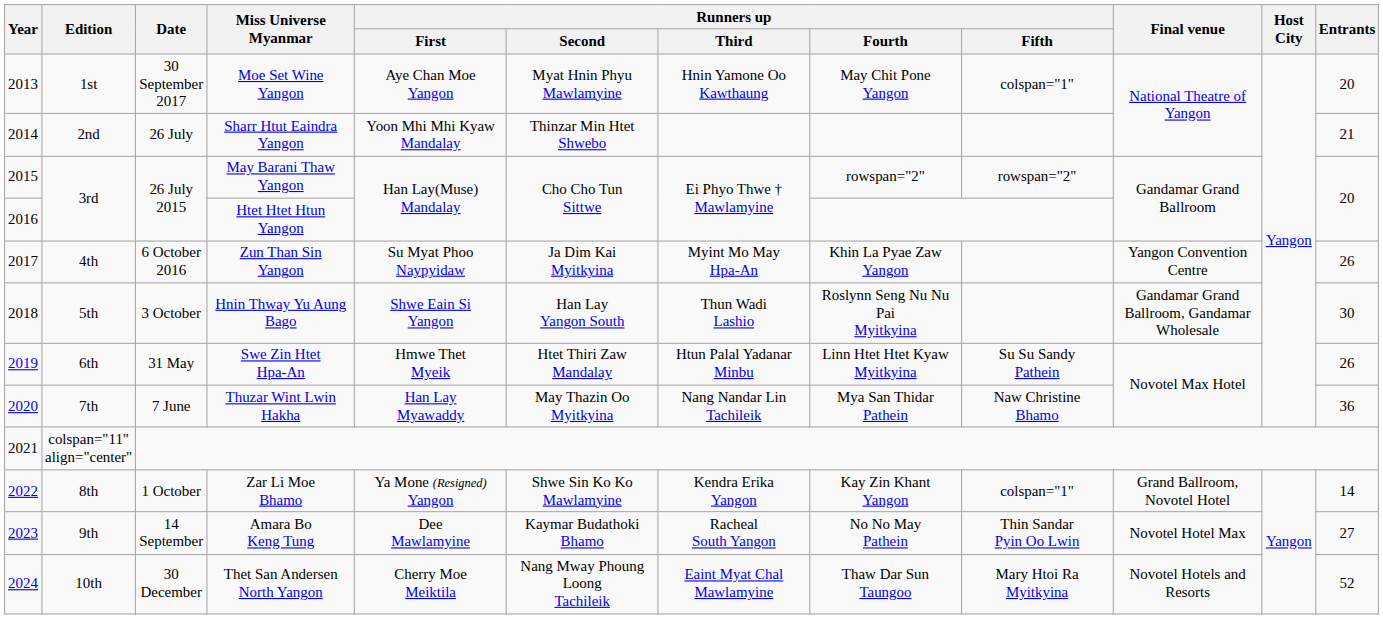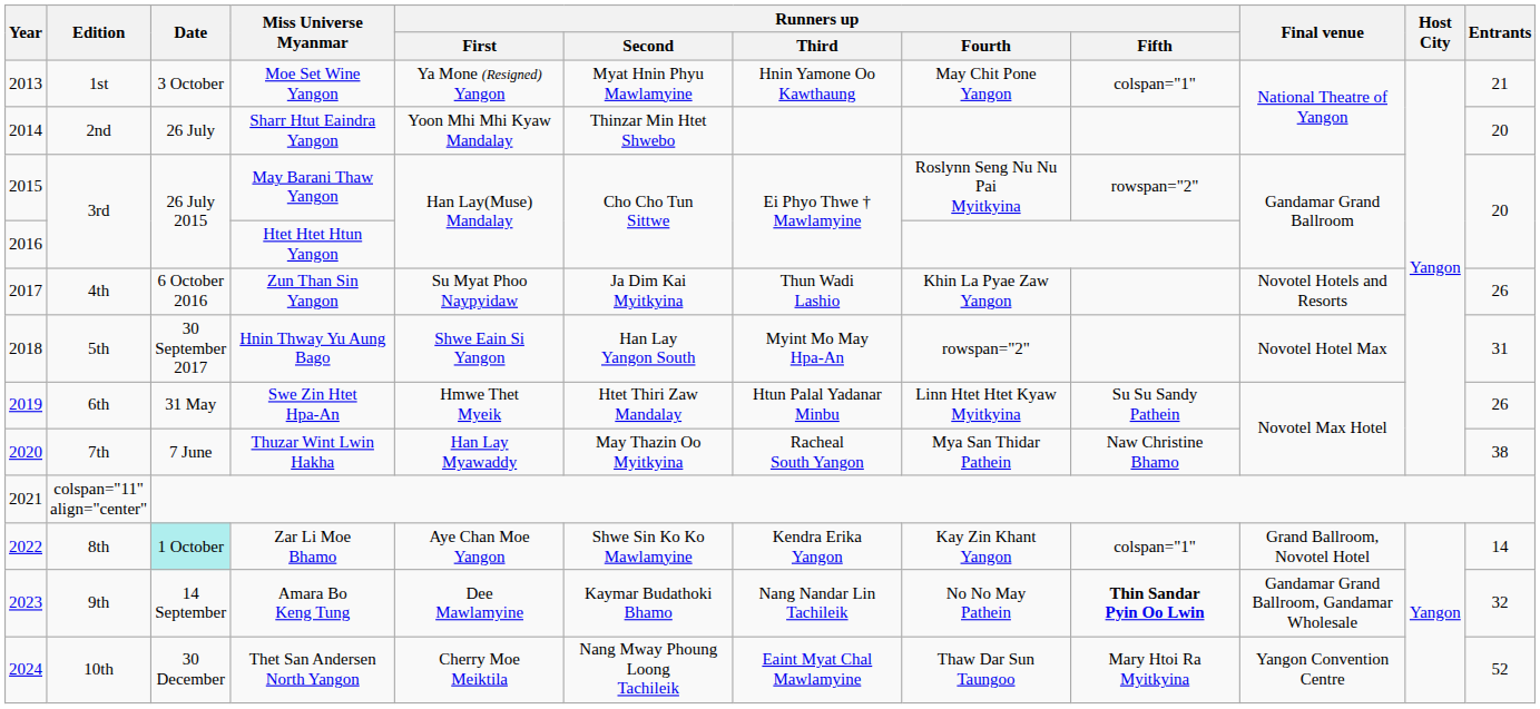 <table class="wikitable" style="font-size: 85%" ;>
 <tr>
 <th rowspan="2">Year</th>
 <th rowspan="2">Edition</th>
 <th rowspan="2">Date</th>
 <th rowspan="2" width="150">Miss Universe Myanmar</th>
 <th colspan="5" width="750">Runners up</th>
 <th rowspan="2" width="150">Final venue</th>
 <th rowspan="2">Host City</th>
 <th rowspan="2">Entrants</th>
 </tr>
 <tr>
 <th width="150">First</th>
 <th width="150">Second</th>
 <th width="150">Third</th>
 <th width="150">Fourth</th>
 <th width="150">Fifth</th>
 </tr>
 <tr style="text-align:center;">
 <td>2013</td>
 <td>1st</td>
-<td>30 September 2017</td>
+<td>3 October</td>
 <td><a href='#'>Moe Set Wine</a><br> <a href='#'>Yangon</a></td>
-<td>Aye Chan Moe<br> <a href='#'>Yangon</a></td>
+<td>Ya Mone <em><small>(Resigned)</small></em><br> <a href='#'>Yangon</a></td>
 <td>Myat Hnin Phyu<br> <a href='#'>Mawlamyine</a></td>
 <td>Hnin Yamone Oo<br> <a href='#'>Kawthaung</a></td>
 <td>May Chit Pone<br> <a href='#'>Yangon</a></td>
 <td>colspan="1" </td>
 <td rowspan="2"><a href='#'>National Theatre of Yangon</a></td>
 <td rowspan="8"> <a href='#'>Yangon</a></td>
-<td>20</td>
+<td>21</td>
 </tr>
 <tr style="text-align:center;">
 <td>2014</td>
 <td>2nd</td>
 <td>26 July</td>
 <td><a href='#'>Sharr Htut Eaindra</a><br> <a href='#'>Yangon</a></td>
 <td>Yoon Mhi Mhi Kyaw<br> <a href='#'>Mandalay</a></td>
 <td>Thinzar Min Htet<br> <a href='#'>Shwebo</a></td>
 <td></td>
 <td></td>
 <td></td>
-<td>21</td>
+<td>20</td>
 </tr>
 <tr style="text-align:center;">
 <td>2015</td>
 <td rowspan="2">3rd</td>
 <td rowspan="2">26 July 2015</td>
 <td><a href='#'>May Barani Thaw</a><br> <a href='#'>Yangon</a></td>
 <td rowspan="2">Han Lay(Muse)<br> <a href='#'>Mandalay</a></td>
 <td rowspan="2">Cho Cho Tun<br> <a href='#'>Sittwe</a></td>
 <td rowspan="2">Ei Phyo Thwe †<br> <a href='#'>Mawlamyine</a></td>
-<td>rowspan="2" </td>
+<td>Roslynn Seng Nu Nu Pai<br> <a href='#'>Myitkyina</a></td>
 <td>rowspan="2" </td>
 <td rowspan="2">Gandamar Grand Ballroom</td>
 <td rowspan="2">20</td>
 </tr>
 <tr style="text-align:center;">
 <td>2016</td>
 <td><a href='#'>Htet Htet Htun</a><br> <a href='#'>Yangon</a></td>
 </tr>
 <tr style="text-align:center;">
 <td>2017</td>
 <td>4th</td>
 <td>6 October 2016</td>
 <td><a href='#'>Zun Than Sin</a><br> <a href='#'>Yangon</a></td>
 <td>Su Myat Phoo<br> <a href='#'>Naypyidaw</a></td>
 <td>Ja Dim Kai<br> <a href='#'>Myitkyina</a></td>
-<td>Myint Mo May<br> <a href='#'>Hpa-An</a></td>
+<td>Thun Wadi<br> <a href='#'>Lashio</a></td>
 <td>Khin La Pyae Zaw<br> <a href='#'>Yangon</a></td>
 <td></td>
-<td>Yangon Convention Centre</td>
+<td>Novotel Hotels and Resorts</td>
 <td>26</td>
 </tr>
 <tr style="text-align:center;">
 <td>2018</td>
 <td>5th</td>
-<td>3 October</td>
+<td>30 September 2017</td>
 <td><a href='#'>Hnin Thway Yu Aung</a><br> <a href='#'>Bago</a></td>
 <td><a href='#'>Shwe Eain Si</a><br> <a href='#'>Yangon</a></td>
 <td>Han Lay<br> <a href='#'>Yangon South</a></td>
-<td>Thun Wadi<br> <a href='#'>Lashio</a></td>
-<td>Roslynn Seng Nu Nu Pai<br> <a href='#'>Myitkyina</a></td>
+<td>Myint Mo May<br> <a href='#'>Hpa-An</a></td>
+<td>rowspan="2" </td>
 <td></td>
-<td>Gandamar Grand Ballroom, Gandamar Wholesale</td>
-<td>30</td>
+<td>Novotel Hotel Max</td>
+<td>31</td>
 </tr>
 <tr style="text-align:center;">
 <td><a href='#'>2019</a></td>
 <td>6th</td>
 <td>31 May</td>
 <td><a href='#'>Swe Zin Htet</a><br> <a href='#'>Hpa-An</a></td>
 <td>Hmwe Thet<br> <a href='#'>Myeik</a></td>
 <td>Htet Thiri Zaw<br> <a href='#'>Mandalay</a></td>
 <td>Htun Palal Yadanar<br> <a href='#'>Minbu</a></td>
 <td>Linn Htet Htet Kyaw<br> <a href='#'>Myitkyina</a></td>
 <td>Su Su Sandy<br> <a href='#'>Pathein</a></td>
 <td rowspan="2">Novotel Max Hotel</td>
 <td>26</td>
 </tr>
 <tr style="text-align:center;">
 <td><a href='#'>2020</a></td>
 <td>7th</td>
 <td>7 June</td>
 <td><a href='#'>Thuzar Wint Lwin</a><br> <a href='#'>Hakha</a></td>
 <td><a href='#'>Han Lay</a><br> <a href='#'>Myawaddy</a></td>
 <td>May Thazin Oo<br> <a href='#'>Myitkyina</a></td>
-<td>Nang Nandar Lin<br> <a href='#'>Tachileik</a></td>
+<td>Racheal<br> <a href='#'>South Yangon</a></td>
 <td>Mya San Thidar<br> <a href='#'>Pathein</a></td>
 <td>Naw Christine<br> <a href='#'>Bhamo</a></td>
-<td>36</td>
+<td>38</td>
 </tr>
 <tr style="text-align:center;">
 <td>2021</td>
 <td>colspan="11" align="center" </td>
 </tr>
 <tr style="text-align:center;">
 <td><a href='#'>2022</a></td>
 <td>8th</td>
-<td>1 October</td>
+<td style="background: paleturquoise;">1 October</td>
 <td>Zar Li Moe<br> <a href='#'>Bhamo</a></td>
-<td>Ya Mone <em><small>(Resigned)</small></em><br> <a href='#'>Yangon</a></td>
+<td>Aye Chan Moe<br> <a href='#'>Yangon</a></td>
 <td>Shwe Sin Ko Ko<br> <a href='#'>Mawlamyine</a></td>
 <td>Kendra Erika<br> <a href='#'>Yangon</a></td>
 <td>Kay Zin Khant<br> <a href='#'>Yangon</a></td>
 <td>colspan="1" </td>
 <td>Grand Ballroom, Novotel Hotel</td>
 <td rowspan="3"> <a href='#'>Yangon</a></td>
 <td>14</td>
 </tr>
 <tr style="text-align:center;">
 <td><a href='#'>2023</a></td>
 <td>9th</td>
 <td>14 September</td>
 <td>Amara Bo<br> <a href='#'>Keng Tung</a></td>
 <td>Dee<br> <a href='#'>Mawlamyine</a></td>
 <td>Kaymar Budathoki<br> <a href='#'>Bhamo</a></td>
-<td>Racheal<br> <a href='#'>South Yangon</a></td>
+<td>Nang Nandar Lin<br> <a href='#'>Tachileik</a></td>
 <td>No No May<br> <a href='#'>Pathein</a></td>
-<td>Thin Sandar<br> <a href='#'>Pyin Oo Lwin</a></td>
-<td>Novotel Hotel Max</td>
-<td>27</td>
+<td><strong>Thin Sandar<br> <a href='#'>Pyin Oo Lwin</a></strong></td>
+<td>Gandamar Grand Ballroom, Gandamar Wholesale</td>
+<td>32</td>
 </tr>
 <tr style="text-align:center;">
 <td><a href='#'>2024</a></td>
 <td>10th</td>
 <td>30 December</td>
 <td>Thet San Andersen<br> <a href='#'>North Yangon</a></td>
 <td>Cherry Moe<br> <a href='#'>Meiktila</a></td>
 <td>Nang Mway Phoung Loong<br> <a href='#'>Tachileik</a></td>
 <td><a href='#'>Eaint Myat Chal</a><br> <a href='#'>Mawlamyine</a></td>
 <td>Thaw Dar Sun<br> <a href='#'>Taungoo</a></td>
 <td>Mary Htoi Ra<br> <a href='#'>Myitkyina</a></td>
-<td>Novotel Hotels and Resorts</td>
+<td>Yangon Convention Centre</td>
 <td>52</td>
 </tr>
 </table>
